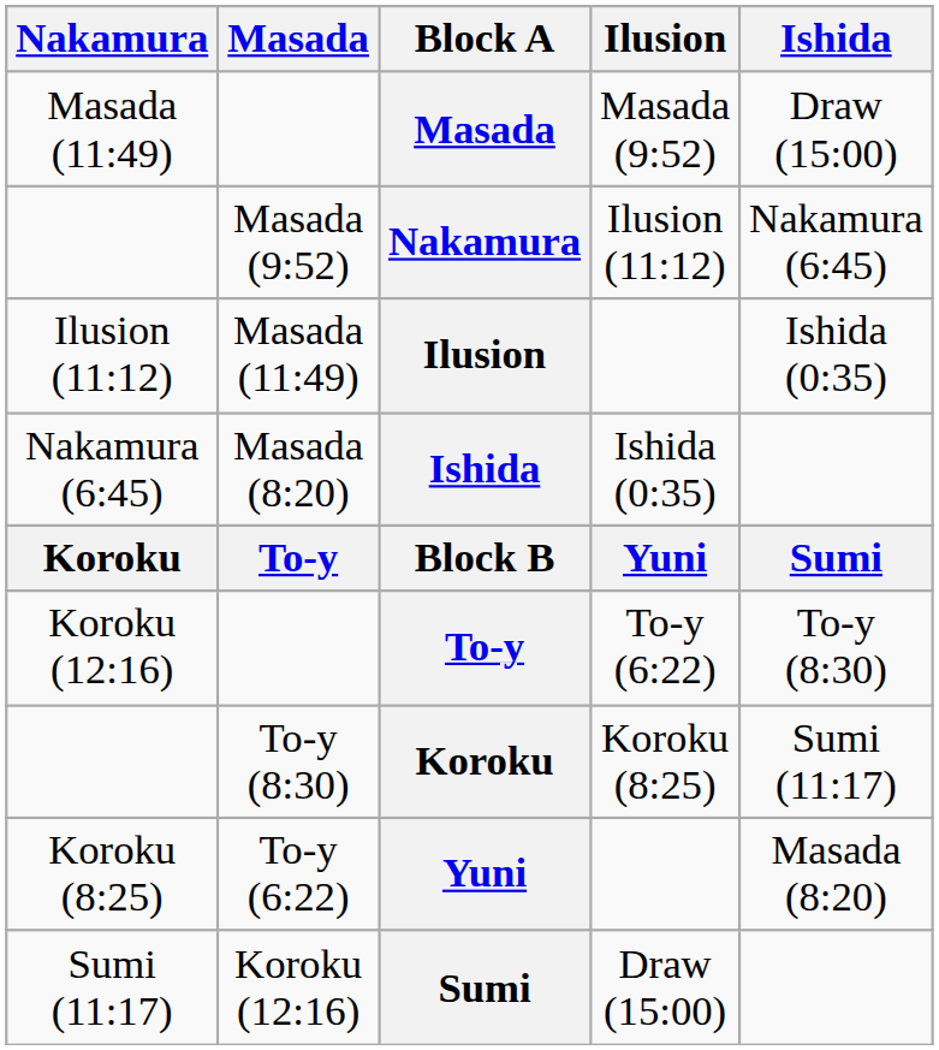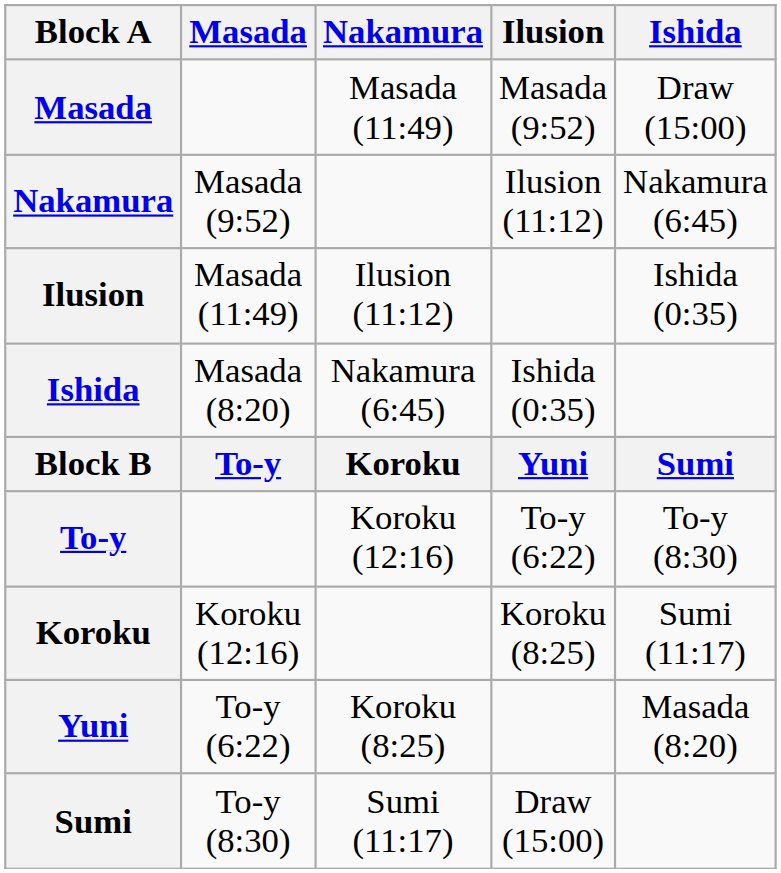 <table class="wikitable" style="margin: 1em auto 1em auto">
 <tr align="center">
+<th>Block A</th>
+<th><a href='#'>Masada</a></th>
 <th><a href='#'>Nakamura</a></th>
-<th><a href='#'>Masada</a></th>
-<th>Block A</th>
 <th>Ilusion</th>
 <th><a href='#'>Ishida</a></th>
 </tr>
 <tr align="center">
+<th><a href='#'>Masada</a></th>
+<td></td>
 <td>Masada<br>(11:49)</td>
-<td></td>
-<th><a href='#'>Masada</a></th>
 <td>Masada<br>(9:52)</td>
 <td>Draw<br>(15:00)</td>
 </tr>
 <tr align="center">
+<th><a href='#'>Nakamura</a></th>
+<td>Masada<br>(9:52)</td>
 <td></td>
-<td>Masada<br>(9:52)</td>
-<th><a href='#'>Nakamura</a></th>
 <td>Ilusion<br>(11:12)</td>
 <td>Nakamura<br>(6:45)</td>
 </tr>
 <tr align="center">
+<th>Ilusion</th>
+<td>Masada<br>(11:49)</td>
 <td>Ilusion<br>(11:12)</td>
-<td>Masada<br>(11:49)</td>
-<th>Ilusion</th>
 <td></td>
 <td>Ishida<br>(0:35)</td>
 </tr>
 <tr align="center">
+<th><a href='#'>Ishida</a></th>
+<td>Masada<br>(8:20)</td>
 <td>Nakamura<br>(6:45)</td>
-<td>Masada<br>(8:20)</td>
-<th><a href='#'>Ishida</a></th>
 <td>Ishida<br>(0:35)</td>
 <td></td>
 </tr>
 <tr align="center">
+<th>Block B</th>
+<th><a href='#'>To-y</a></th>
 <th>Koroku</th>
-<th><a href='#'>To-y</a></th>
-<th>Block B</th>
 <th><a href='#'>Yuni</a></th>
 <th><a href='#'>Sumi</a></th>
 </tr>
 <tr align="center">
+<th><a href='#'>To-y</a></th>
+<td></td>
 <td>Koroku<br>(12:16)</td>
-<td></td>
-<th><a href='#'>To-y</a></th>
 <td>To-y<br>(6:22)</td>
 <td>To-y<br>(8:30)</td>
 </tr>
 <tr align="center">
+<th>Koroku</th>
+<td>Koroku<br>(12:16)</td>
 <td></td>
-<td>To-y<br>(8:30)</td>
-<th>Koroku</th>
 <td>Koroku<br>(8:25)</td>
 <td>Sumi<br>(11:17)</td>
 </tr>
 <tr align="center">
+<th><a href='#'>Yuni</a></th>
+<td>To-y<br>(6:22)</td>
 <td>Koroku<br>(8:25)</td>
-<td>To-y<br>(6:22)</td>
-<th><a href='#'>Yuni</a></th>
 <td></td>
 <td>Masada<br>(8:20)</td>
 </tr>
 <tr align="center">
+<th>Sumi</th>
+<td>To-y<br>(8:30)</td>
 <td>Sumi<br>(11:17)</td>
-<td>Koroku<br>(12:16)</td>
-<th>Sumi</th>
 <td>Draw<br>(15:00)</td>
 <td></td>
 </tr>
 </table>
